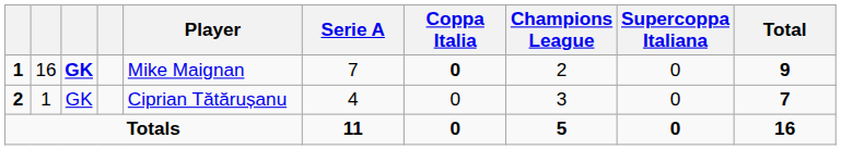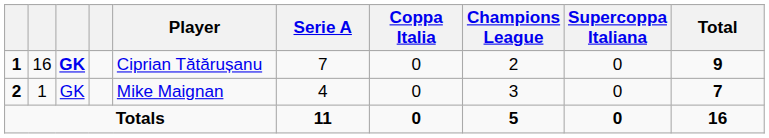 <table class="wikitable" style="text-align:center">
 <tr>
 <th width=15></th>
 <th width=15></th>
 <th width=15></th>
 <th width=15></th>
 <th width=145>Player</th>
 <th width=80><a href='#'>Serie A</a></th>
 <th width=80><a href='#'>Coppa Italia</a></th>
 <th width=80><a href='#'>Champions League</a></th>
 <th width=80><a href='#'>Supercoppa Italiana</a></th>
 <th width=80>Total</th>
 </tr>
 <tr>
 <td><strong>1</strong></td>
 <td>16</td>
 <td><strong><a href='#'>GK</a></strong></td>
 <td></td>
-<td align=left><a href='#'>Mike Maignan</a></td>
+<td align=left><a href='#'>Ciprian Tătărușanu</a></td>
 <td>7</td>
-<td><strong>0</strong></td>
+<td>0</td>
 <td>2</td>
 <td>0</td>
 <td><strong>9</strong></td>
 </tr>
 <tr>
 <td><strong>2</strong></td>
 <td>1</td>
 <td><a href='#'>GK</a></td>
 <td></td>
-<td align=left><a href='#'>Ciprian Tătărușanu</a></td>
+<td align=left><a href='#'>Mike Maignan</a></td>
 <td>4</td>
 <td>0</td>
 <td>3</td>
 <td>0</td>
 <td><strong>7</strong></td>
 </tr>
 <tr>
 <td colspan=5><strong>Totals</strong></td>
 <td><strong>11</strong></td>
 <td><strong>0</strong></td>
 <td><strong>5</strong></td>
 <td><strong>0</strong></td>
 <td><strong>16</strong></td>
 </tr>
 </table>
